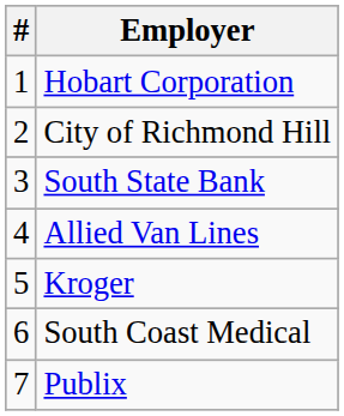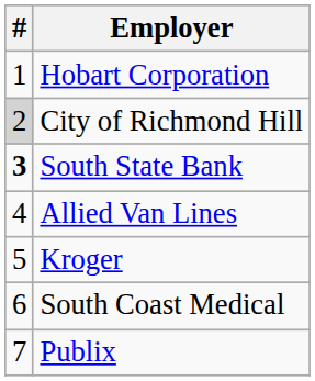 <table class="wikitable">
 <tr>
 <th>#</th>
 <th>Employer</th>
 </tr>
 <tr>
 <td>1</td>
 <td><a href='#'>Hobart Corporation</a></td>
 </tr>
 <tr>
-<td>2</td>
+<td style="background: lightgrey;">2</td>
 <td>City of Richmond Hill</td>
 </tr>
 <tr>
-<td>3</td>
+<td><strong>3</strong></td>
 <td><a href='#'>South State Bank</a></td>
 </tr>
 <tr>
 <td>4</td>
 <td><a href='#'>Allied Van Lines</a></td>
 </tr>
 <tr>
 <td>5</td>
 <td><a href='#'>Kroger</a></td>
 </tr>
 <tr>
 <td>6</td>
 <td>South Coast Medical</td>
 </tr>
 <tr>
 <td>7</td>
 <td><a href='#'>Publix</a></td>
 </tr>
 </table>
